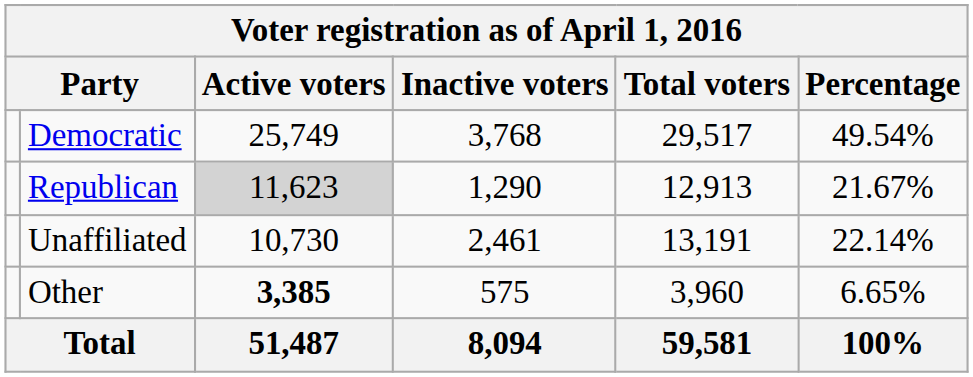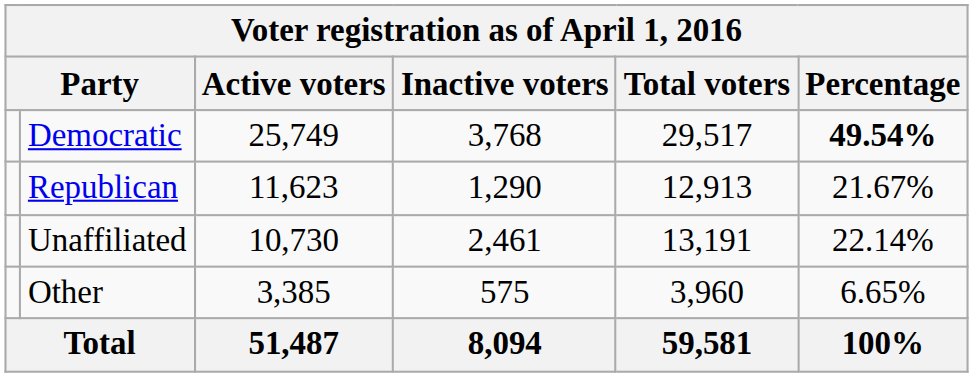 <table class=wikitable style="margin-left: auto; margin-right: auto; border: none">
 <tr>
 <th colspan = 6>Voter registration as of April 1, 2016</th>
 </tr>
 <tr>
 <th colspan = 2>Party</th>
 <th>Active voters</th>
 <th>Inactive voters</th>
 <th>Total voters</th>
 <th>Percentage</th>
 </tr>
 <tr>
 <td></td>
 <td><a href='#'>Democratic</a></td>
 <td style="text-align:center;">25,749</td>
 <td style="text-align:center;">3,768</td>
 <td style="text-align:center;">29,517</td>
-<td style="text-align:center;">49.54%</td>
+<td style="text-align:center;"><strong>49.54%</strong></td>
 </tr>
 <tr>
 <td></td>
 <td><a href='#'>Republican</a></td>
-<td style="background: lightgrey; text-align:center;">11,623</td>
+<td style="text-align:center;">11,623</td>
 <td style="text-align:center;">1,290</td>
 <td style="text-align:center;">12,913</td>
 <td style="text-align:center;">21.67%</td>
 </tr>
 <tr>
 <td></td>
 <td>Unaffiliated</td>
 <td style="text-align:center;">10,730</td>
 <td style="text-align:center;">2,461</td>
 <td style="text-align:center;">13,191</td>
 <td style="text-align:center;">22.14%</td>
 </tr>
 <tr>
 <td></td>
 <td>Other</td>
-<td style="text-align:center;"><strong>3,385</strong></td>
+<td style="text-align:center;">3,385</td>
 <td style="text-align:center;">575</td>
 <td style="text-align:center;">3,960</td>
 <td style="text-align:center;">6.65%</td>
 </tr>
 <tr>
 <th colspan = 2>Total</th>
 <th style="text-align:center;">51,487</th>
 <th style="text-align:center;">8,094</th>
 <th style="text-align:center;">59,581</th>
 <th style="text-align:center;">100%</th>
 </tr>
 </table>
